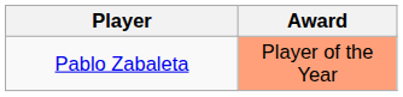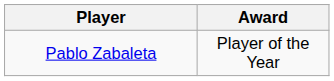 <table class="wikitable">
 <tr>
 <th style="width:180px;">Player</th>
 <th style="width:120px;">Award</th>
 </tr>
 <tr>
 <td style="text-align:center;"> <a href='#'>Pablo Zabaleta</a></td>
-<td style="background: lightsalmon; text-align:center;">Player of the Year</td>
+<td style="text-align:center;">Player of the Year</td>
 </tr>
 </table>
